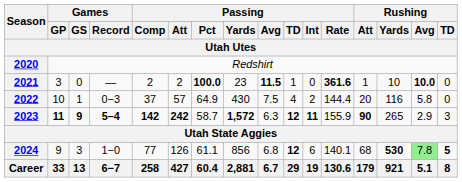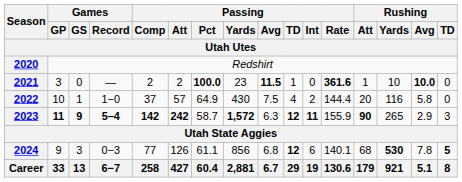 <table class="wikitable" style="text-align:center;">
 <tr>
 <th rowspan="2">Season</th>
 <th colspan="3">Games</th>
 <th colspan="8">Passing</th>
 <th colspan="5">Rushing</th>
 </tr>
 <tr>
 <th>GP</th>
 <th>GS</th>
 <th>Record</th>
 <th>Comp</th>
 <th>Att</th>
 <th>Pct</th>
 <th>Yards</th>
 <th>Avg</th>
 <th>TD</th>
 <th>Int</th>
 <th>Rate</th>
 <th>Att</th>
 <th>Yards</th>
 <th>Avg</th>
 <th>TD</th>
 </tr>
 <tr>
 <th colspan="16">Utah Utes</th>
 </tr>
 <tr>
 <th><a href='#'>2020</a></th>
 <td colspan="15"><em>Redshirt </em></td>
 </tr>
 <tr>
 <th><a href='#'>2021</a></th>
 <td>3</td>
 <td>0</td>
 <td>—</td>
 <td>2</td>
 <td>2</td>
 <td><strong>100.0</strong></td>
 <td>23</td>
 <td><strong>11.5</strong></td>
 <td>1</td>
 <td>0</td>
 <td><strong>361.6</strong></td>
 <td>1</td>
 <td>10</td>
 <td><strong>10.0</strong></td>
 <td>0</td>
 </tr>
 <tr>
 <th><a href='#'>2022</a></th>
 <td>10</td>
 <td>1</td>
-<td>0−3</td>
+<td>1−0</td>
 <td>37</td>
 <td>57</td>
 <td>64.9</td>
 <td>430</td>
 <td>7.5</td>
 <td>4</td>
 <td>2</td>
 <td>144.4</td>
 <td>20</td>
 <td>116</td>
 <td>5.8</td>
 <td>0</td>
 </tr>
 <tr>
 <th><a href='#'>2023</a></th>
 <td><strong>11</strong></td>
 <td><strong>9</strong></td>
 <td><strong>5–4</strong></td>
 <td><strong>142</strong></td>
 <td><strong>242</strong></td>
 <td>58.7</td>
 <td><strong>1,572</strong></td>
 <td>6.3</td>
 <td><strong>12</strong></td>
 <td><strong>11</strong></td>
 <td>155.9</td>
 <td><strong>90</strong></td>
 <td>265</td>
 <td>2.9</td>
 <td>3</td>
 </tr>
 <tr>
 <th colspan="16">Utah State Aggies</th>
 </tr>
 <tr>
 <th><a href='#'>2024</a></th>
 <td>9</td>
 <td>3</td>
-<td>1−0</td>
+<td>0−3</td>
 <td>77</td>
 <td>126</td>
 <td>61.1</td>
 <td>856</td>
 <td>6.8</td>
 <td><strong>12</strong></td>
 <td>6</td>
 <td>140.1</td>
 <td>68</td>
 <td><strong>530</strong></td>
-<td style="background: lightgreen;">7.8</td>
+<td>7.8</td>
 <td><strong>5</strong></td>
 </tr>
 <tr>
 <th>Career</th>
 <th>33</th>
 <th>13</th>
 <th>6−7</th>
 <th>258</th>
 <th>427</th>
 <th>60.4</th>
 <th>2,881</th>
 <th>6.7</th>
 <th>29</th>
 <th>19</th>
 <th>130.6</th>
 <th>179</th>
 <th>921</th>
 <th>5.1</th>
 <th>8</th>
 </tr>
 </table>
